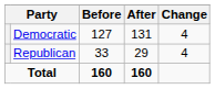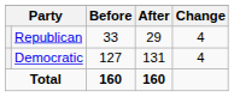 <table class="wikitable" style="text-align:center;">
 <tr>
 </tr>
 <tr>
 <th colspan=2>Party</th>
 <th>Before</th>
 <th>After</th>
 <th>Change</th>
 </tr>
 <tr>
 <th style="background-color:"></th>
-<td style="text-align:left;"><a href='#'>Democratic</a></td>
-<td>127</td>
-<td>131</td>
+<td style="text-align:left;"><a href='#'>Republican</a></td>
+<td>33</td>
+<td>29</td>
 <td> 4</td>
 </tr>
 <tr>
 <th style="background-color:"></th>
-<td style="text-align:left;"><a href='#'>Republican</a></td>
-<td>33</td>
-<td>29</td>
+<td style="text-align:left;"><a href='#'>Democratic</a></td>
+<td>127</td>
+<td>131</td>
 <td> 4</td>
 </tr>
 <tr>
 <td colspan=2><strong>Total</strong></td>
 <td><strong>160</strong></td>
 <td><strong>160</strong></td>
 <td></td>
 </tr>
 </table>
